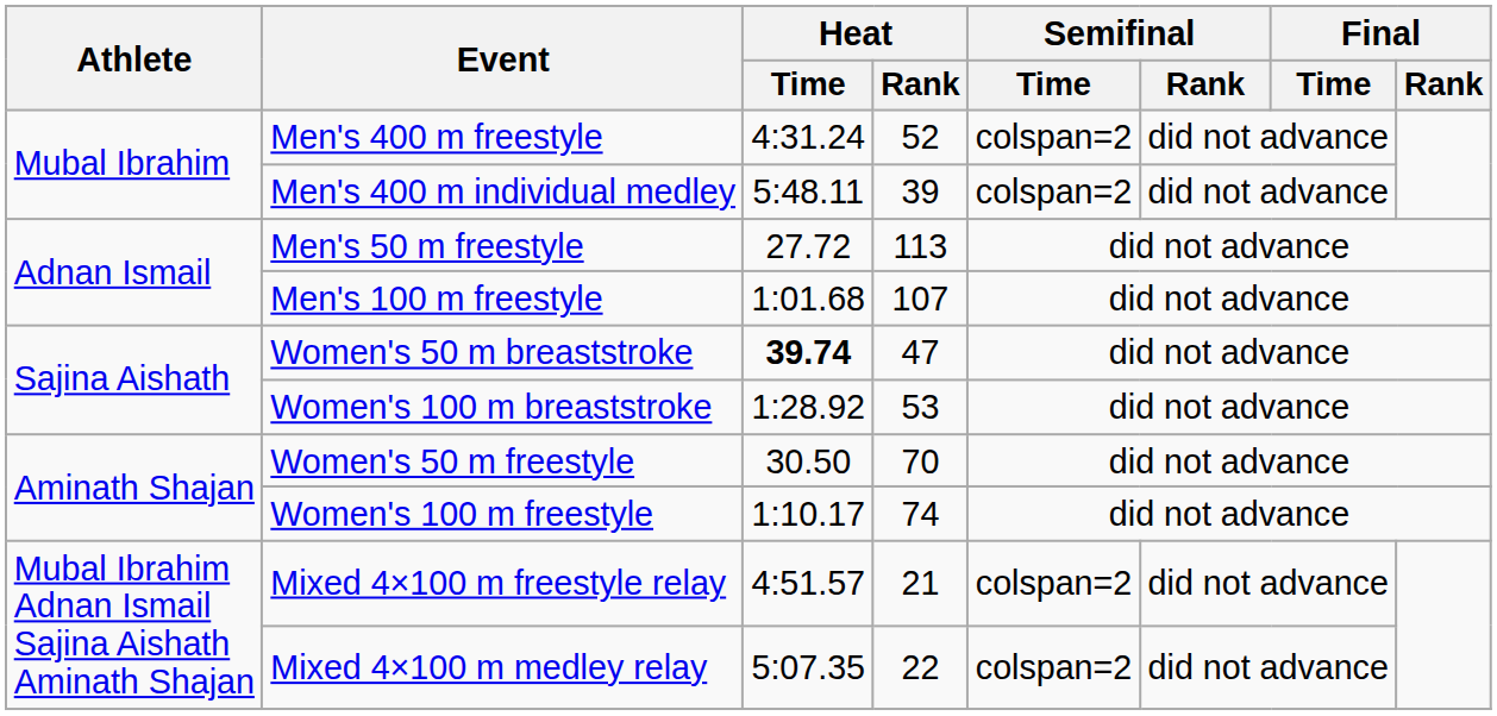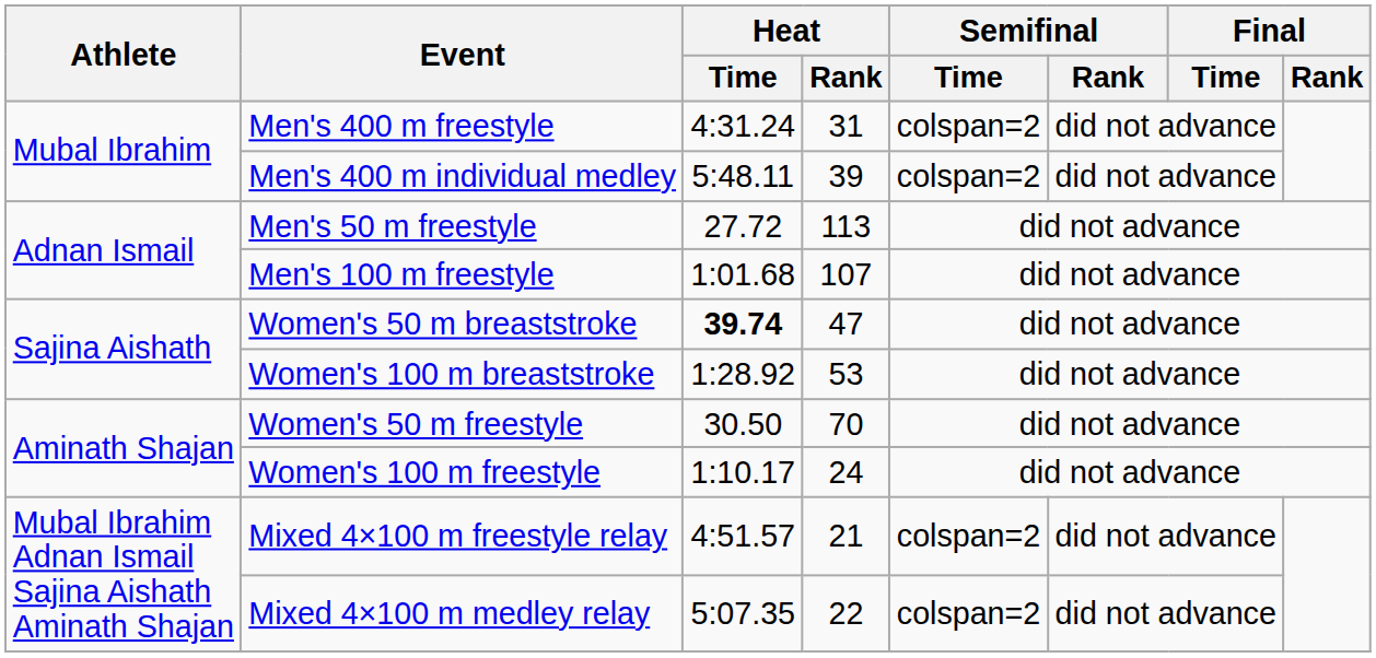 <table class=wikitable style="font-size:90%">
 <tr>
 <th rowspan="2">Athlete</th>
 <th rowspan="2">Event</th>
 <th colspan="2">Heat</th>
 <th colspan="2">Semifinal</th>
 <th colspan="2">Final</th>
 </tr>
 <tr style="font-size:95%">
 <th>Time</th>
 <th>Rank</th>
 <th>Time</th>
 <th>Rank</th>
 <th>Time</th>
 <th>Rank</th>
 </tr>
 <tr align=center>
 <td align=left rowspan=2><a href='#'>Mubal Ibrahim</a></td>
 <td align=left><a href='#'>Men's 400 m freestyle</a></td>
 <td>4:31.24</td>
-<td>52</td>
+<td>31</td>
 <td>colspan=2 </td>
 <td colspan=2>did not advance</td>
 </tr>
 <tr align=center>
 <td align=left><a href='#'>Men's 400 m individual medley</a></td>
 <td>5:48.11</td>
 <td>39</td>
 <td>colspan=2 </td>
 <td colspan=2>did not advance</td>
 </tr>
 <tr align=center>
 <td align=left rowspan=2><a href='#'>Adnan Ismail</a></td>
 <td align=left><a href='#'>Men's 50 m freestyle</a></td>
 <td>27.72</td>
 <td>113</td>
 <td colspan=4>did not advance</td>
 </tr>
 <tr align=center>
 <td align=left><a href='#'>Men's 100 m freestyle</a></td>
 <td>1:01.68</td>
 <td>107</td>
 <td colspan=4>did not advance</td>
 </tr>
 <tr align=center>
 <td align=left rowspan=2><a href='#'>Sajina Aishath</a></td>
 <td align=left><a href='#'>Women's 50 m breaststroke</a></td>
 <td><strong>39.74</strong></td>
 <td>47</td>
 <td colspan=4>did not advance</td>
 </tr>
 <tr align=center>
 <td align=left><a href='#'>Women's 100 m breaststroke</a></td>
 <td>1:28.92</td>
 <td>53</td>
 <td colspan=4>did not advance</td>
 </tr>
 <tr align=center>
 <td align=left rowspan=2><a href='#'>Aminath Shajan</a></td>
 <td align=left><a href='#'>Women's 50 m freestyle</a></td>
 <td>30.50</td>
 <td>70</td>
 <td colspan=4>did not advance</td>
 </tr>
 <tr align=center>
 <td align=left><a href='#'>Women's 100 m freestyle</a></td>
 <td>1:10.17</td>
-<td>74</td>
+<td>24</td>
 <td colspan=4>did not advance</td>
 </tr>
 <tr align=center>
 <td align=left rowspan=2><a href='#'>Mubal Ibrahim</a><br><a href='#'>Adnan Ismail</a><br><a href='#'>Sajina Aishath</a><br><a href='#'>Aminath Shajan</a></td>
 <td align=left><a href='#'>Mixed 4×100 m freestyle relay</a></td>
 <td>4:51.57</td>
 <td>21</td>
 <td>colspan=2 </td>
 <td colspan=2>did not advance</td>
 </tr>
 <tr align=center>
 <td align=left><a href='#'>Mixed 4×100 m medley relay</a></td>
 <td>5:07.35</td>
 <td>22</td>
 <td>colspan=2 </td>
 <td colspan=2>did not advance</td>
 </tr>
 </table>
